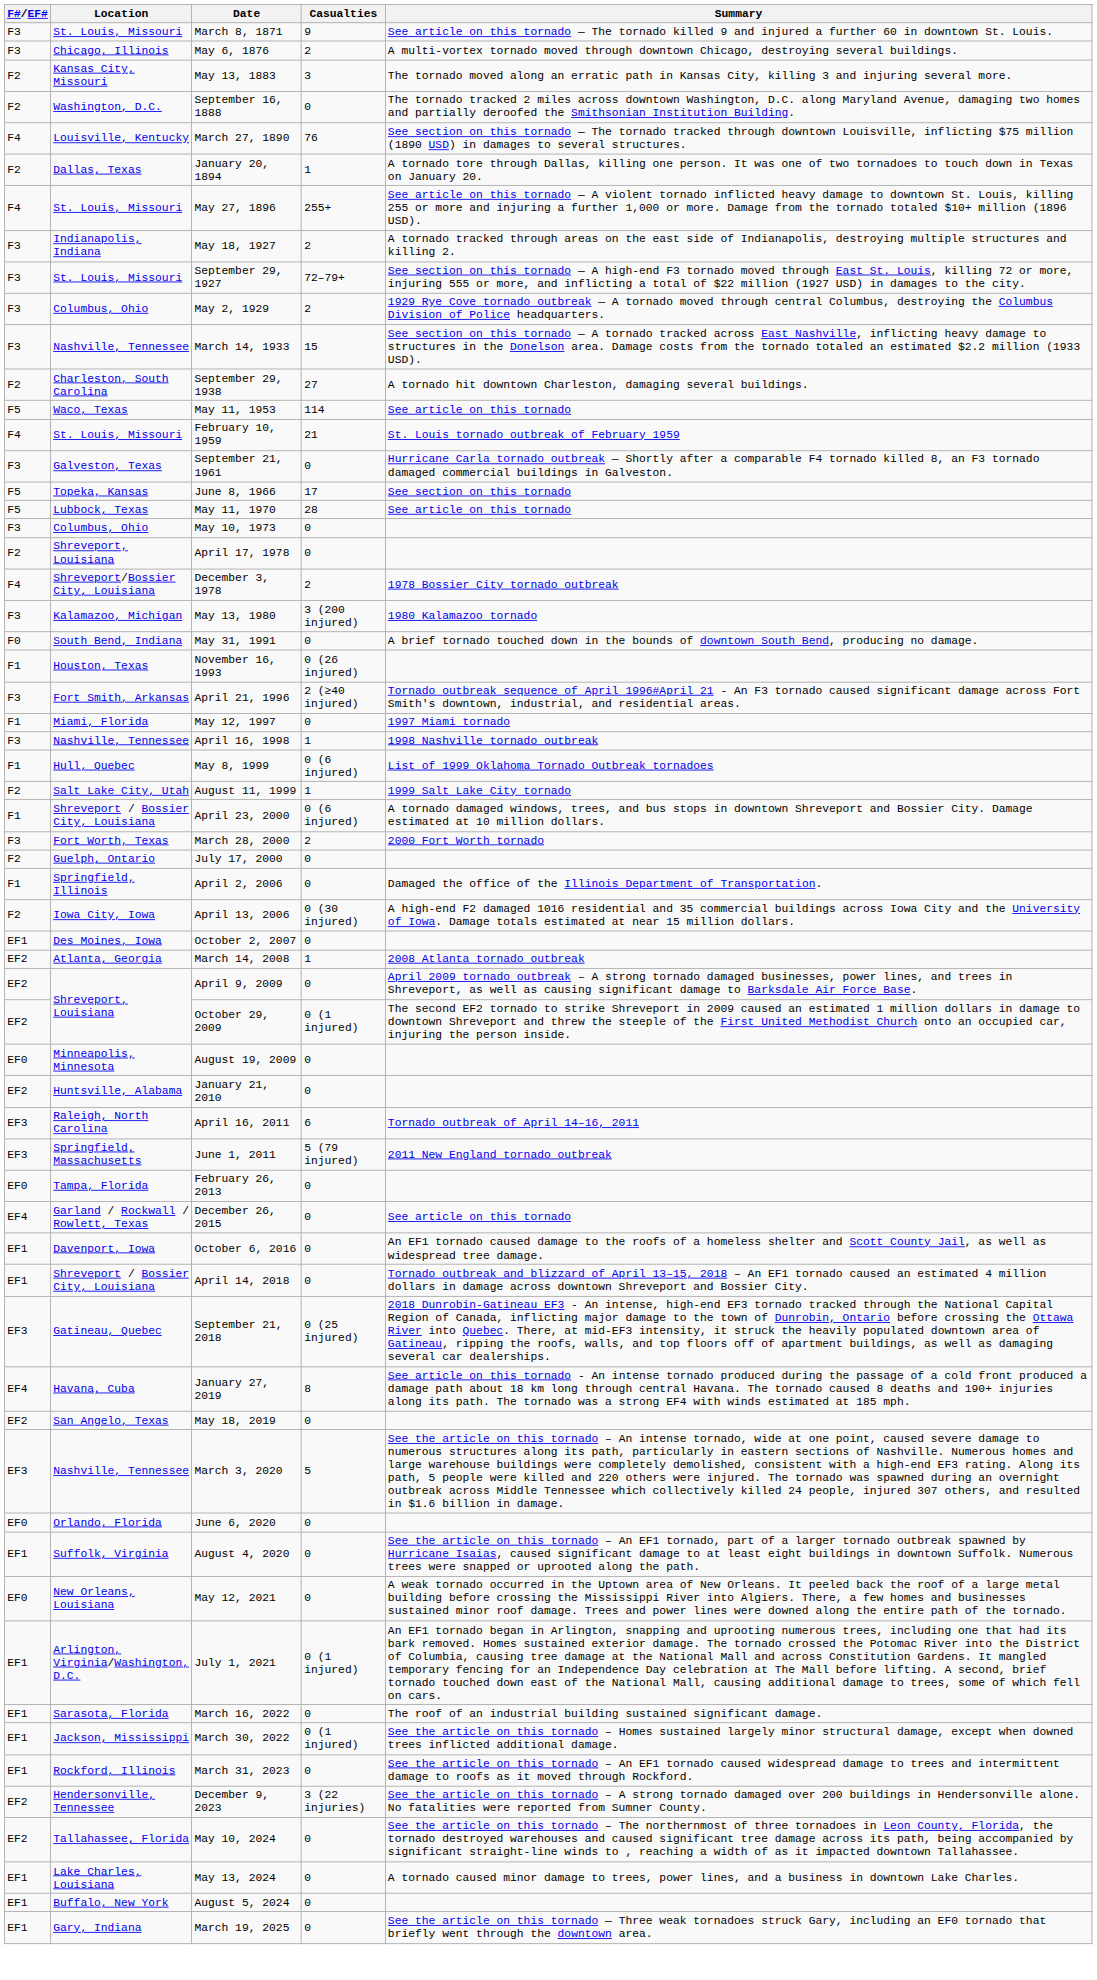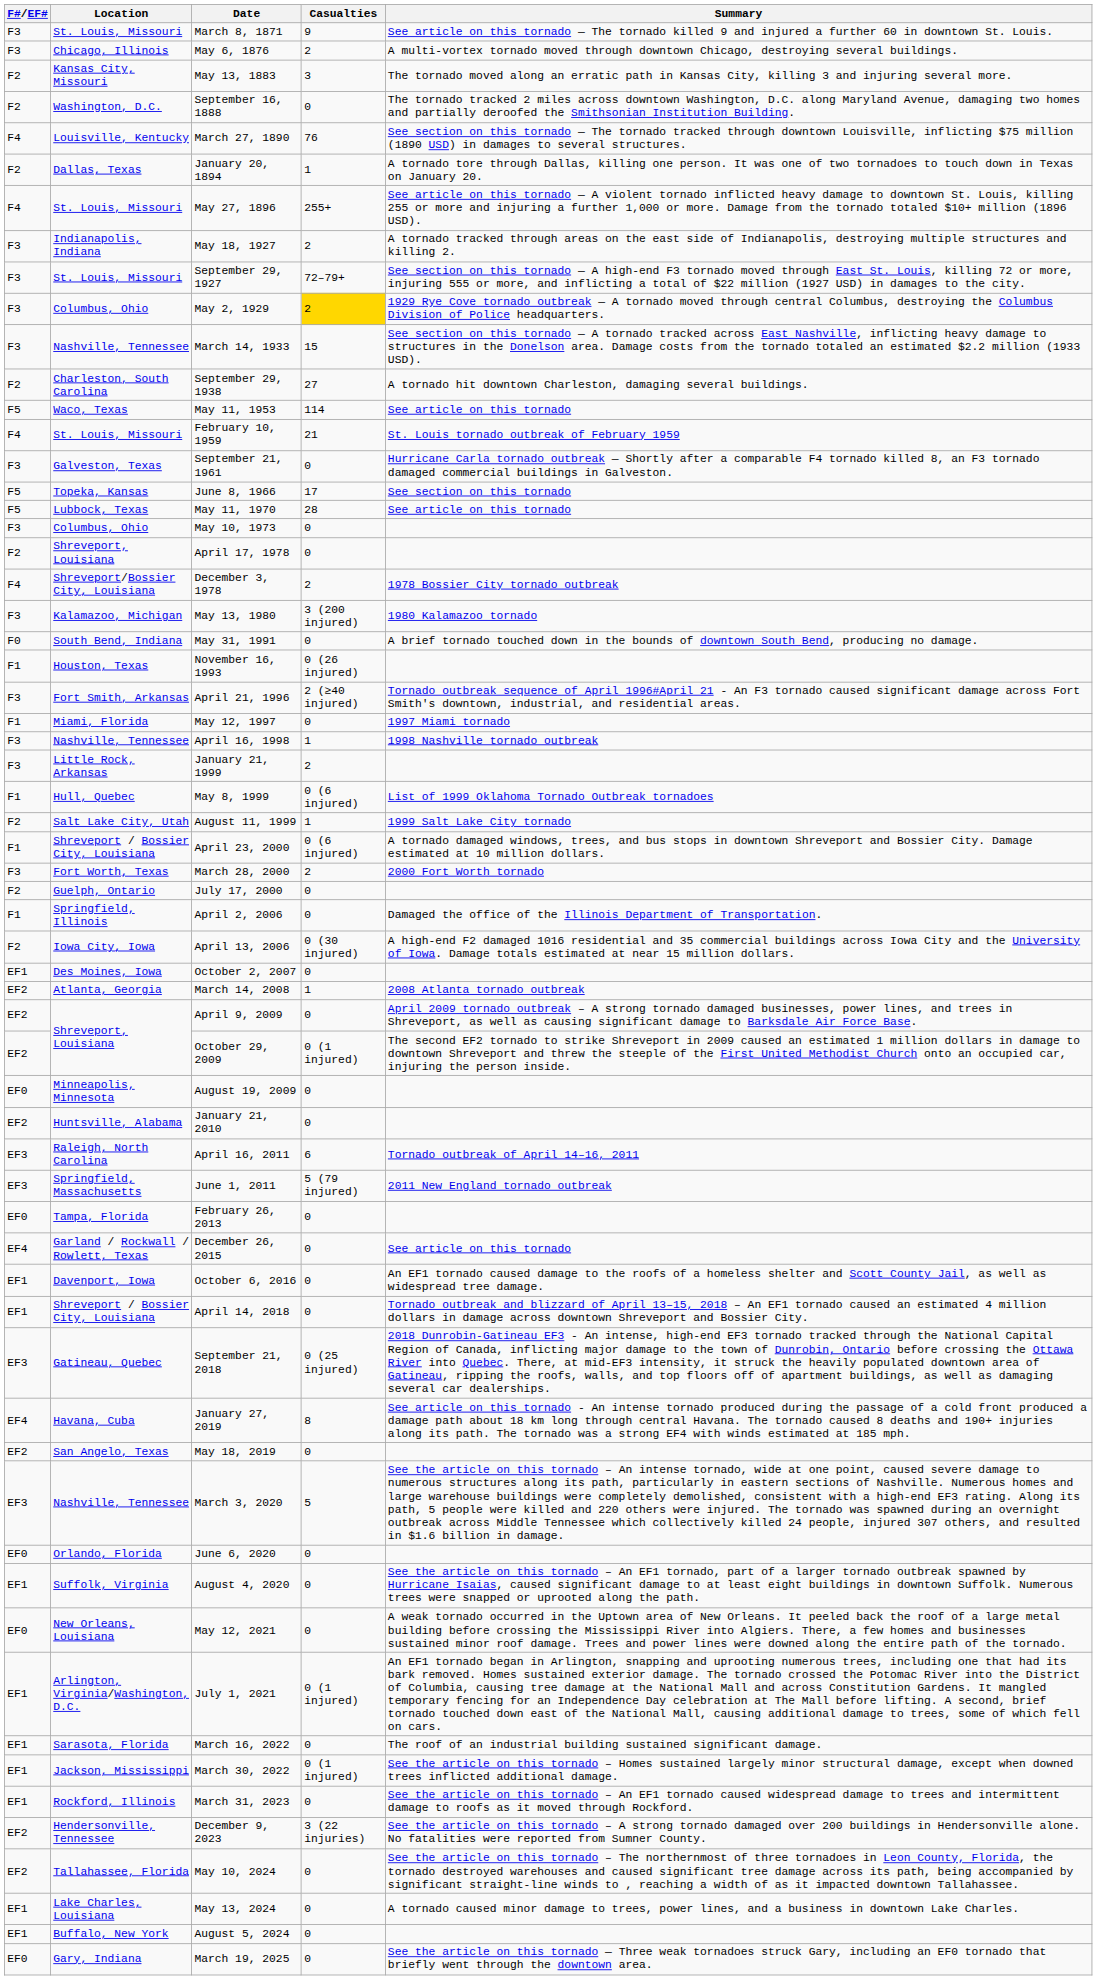 <table class="wikitable sortable">
 <tr>
 <th><a href='#'>F#</a>/<a href='#'>EF#</a></th>
 <th width=150>Location</th>
 <th width=120>Date</th>
 <th width=90>Casualties</th>
 <th class="unsortable">Summary</th>
 </tr>
 <tr>
 <td>F3</td>
 <td><a href='#'>St. Louis, Missouri</a></td>
 <td>March 8, 1871</td>
 <td>9</td>
 <td><a href='#'>See article on this tornado</a> — The tornado killed 9 and injured a further 60 in downtown St. Louis.</td>
 </tr>
 <tr>
 <td>F3</td>
 <td><a href='#'>Chicago, Illinois</a></td>
 <td>May 6, 1876</td>
 <td>2</td>
 <td>A multi-vortex tornado moved through downtown Chicago, destroying several buildings.</td>
 </tr>
 <tr>
 <td>F2</td>
 <td><a href='#'>Kansas City, Missouri</a></td>
 <td>May 13, 1883</td>
 <td>3</td>
 <td>The tornado moved along an erratic path in Kansas City, killing 3 and injuring several more.</td>
 </tr>
 <tr>
 <td>F2</td>
 <td><a href='#'>Washington, D.C.</a></td>
 <td>September 16, 1888</td>
 <td>0</td>
 <td>The tornado tracked 2 miles across downtown Washington, D.C. along Maryland Avenue, damaging two homes and partially deroofed the <a href='#'>Smithsonian Institution Building</a>.</td>
 </tr>
 <tr>
 <td>F4</td>
 <td><a href='#'>Louisville, Kentucky</a></td>
 <td>March 27, 1890</td>
 <td>76</td>
 <td><a href='#'>See section on this tornado</a> — The tornado tracked  through downtown Louisville, inflicting $75 million (1890 <a href='#'>USD</a>) in damages to several structures.</td>
 </tr>
 <tr>
 <td>F2</td>
 <td><a href='#'>Dallas, Texas</a></td>
 <td>January 20, 1894</td>
 <td>1</td>
 <td>A tornado tore through Dallas, killing one person. It was one of two tornadoes to touch down in Texas on January 20.</td>
 </tr>
 <tr>
 <td>F4</td>
 <td><a href='#'>St. Louis, Missouri</a></td>
 <td>May 27, 1896</td>
 <td>255+</td>
 <td><a href='#'>See article on this tornado</a> — A violent tornado inflicted heavy damage to downtown St. Louis, killing 255 or more and injuring a further 1,000 or more. Damage from the tornado totaled $10+ million (1896 USD).</td>
 </tr>
 <tr>
 <td>F3</td>
 <td><a href='#'>Indianapolis, Indiana</a></td>
 <td>May 18, 1927</td>
 <td>2</td>
 <td>A tornado tracked through areas on the east side of Indianapolis, destroying multiple structures and killing 2.</td>
 </tr>
 <tr>
 <td>F3</td>
 <td><a href='#'>St. Louis, Missouri</a></td>
 <td>September 29, 1927</td>
 <td>72–79+</td>
 <td><a href='#'>See section on this tornado</a> — A high-end F3 tornado moved through <a href='#'>East St. Louis</a>, killing 72 or more, injuring 555 or more, and inflicting a total of $22 million (1927 USD) in damages to the city.</td>
 </tr>
 <tr>
 <td>F3</td>
 <td><a href='#'>Columbus, Ohio</a></td>
 <td>May 2, 1929</td>
-<td>2</td>
+<td style="background: gold;">2</td>
 <td><a href='#'>1929 Rye Cove tornado outbreak</a> — A tornado moved through central Columbus, destroying the <a href='#'>Columbus Division of Police</a> headquarters.</td>
 </tr>
 <tr>
 <td>F3</td>
 <td><a href='#'>Nashville, Tennessee</a></td>
 <td>March 14, 1933</td>
 <td>15</td>
 <td><a href='#'>See section on this tornado</a> — A tornado tracked across <a href='#'>East Nashville</a>, inflicting heavy damage to structures in the <a href='#'>Donelson</a> area. Damage costs from the tornado totaled an estimated $2.2 million (1933 USD).</td>
 </tr>
 <tr>
 <td>F2</td>
 <td><a href='#'>Charleston, South Carolina</a></td>
 <td>September 29, 1938</td>
 <td>27</td>
 <td>A tornado hit downtown Charleston, damaging several buildings.</td>
 </tr>
 <tr>
 <td>F5</td>
 <td><a href='#'>Waco, Texas</a></td>
 <td>May 11, 1953</td>
 <td>114</td>
 <td><a href='#'>See article on this tornado</a></td>
 </tr>
 <tr>
 <td>F4</td>
 <td><a href='#'>St. Louis, Missouri</a></td>
 <td>February 10, 1959</td>
 <td>21</td>
 <td><a href='#'>St. Louis tornado outbreak of February 1959</a></td>
 </tr>
 <tr>
 <td>F3</td>
 <td><a href='#'>Galveston, Texas</a></td>
 <td>September 21, 1961</td>
 <td>0</td>
 <td><a href='#'>Hurricane Carla tornado outbreak</a> — Shortly after a comparable F4 tornado killed 8, an F3 tornado damaged commercial buildings in Galveston.</td>
 </tr>
 <tr>
 <td>F5</td>
 <td><a href='#'>Topeka, Kansas</a></td>
 <td>June 8, 1966</td>
 <td>17</td>
 <td><a href='#'>See section on this tornado</a></td>
 </tr>
 <tr>
 <td>F5</td>
 <td><a href='#'>Lubbock, Texas</a></td>
 <td>May 11, 1970</td>
 <td>28</td>
 <td><a href='#'>See article on this tornado</a></td>
 </tr>
 <tr>
 <td>F3</td>
 <td><a href='#'>Columbus, Ohio</a></td>
 <td>May 10, 1973</td>
 <td>0</td>
 <td></td>
 </tr>
 <tr>
 <td>F2</td>
 <td><a href='#'>Shreveport, Louisiana</a></td>
 <td>April 17, 1978</td>
 <td>0</td>
 <td></td>
 </tr>
 <tr>
 <td>F4</td>
 <td><a href='#'>Shreveport</a>/<a href='#'>Bossier City, Louisiana</a></td>
 <td>December 3, 1978</td>
 <td>2</td>
 <td><a href='#'>1978 Bossier City tornado outbreak</a></td>
 </tr>
 <tr>
 <td>F3</td>
 <td><a href='#'>Kalamazoo, Michigan</a></td>
 <td>May 13, 1980</td>
 <td>3 (200 injured)</td>
 <td><a href='#'>1980 Kalamazoo tornado</a></td>
 </tr>
 <tr>
 <td>F0</td>
 <td><a href='#'>South Bend, Indiana</a></td>
 <td>May 31, 1991</td>
 <td>0</td>
 <td>A brief tornado touched down in the bounds of <a href='#'>downtown South Bend</a>, producing no damage.</td>
 </tr>
 <tr>
 <td>F1</td>
 <td><a href='#'>Houston, Texas</a></td>
 <td>November 16, 1993</td>
 <td>0 (26 injured)</td>
 <td></td>
 </tr>
 <tr>
 <td>F3</td>
 <td><a href='#'>Fort Smith, Arkansas</a></td>
 <td>April 21, 1996</td>
 <td>2 (≥40 injured)</td>
 <td><a href='#'>Tornado outbreak sequence of April 1996#April 21</a> - An F3 tornado caused significant damage across Fort Smith's downtown, industrial, and residential areas.</td>
 </tr>
 <tr>
 <td>F1</td>
 <td><a href='#'>Miami, Florida</a></td>
 <td>May 12, 1997</td>
 <td>0</td>
 <td><a href='#'>1997 Miami tornado</a></td>
 </tr>
 <tr>
 <td>F3</td>
 <td><a href='#'>Nashville, Tennessee</a></td>
 <td>April 16, 1998</td>
 <td>1</td>
 <td><a href='#'>1998 Nashville tornado outbreak</a></td>
+</tr>
+<tr>
+<td>F3</td>
+<td><a href='#'>Little Rock, Arkansas</a></td>
+<td>January 21, 1999</td>
+<td>2</td>
+<td></td>
 </tr>
 <tr>
 <td>F1</td>
 <td><a href='#'>Hull, Quebec</a></td>
 <td>May 8, 1999</td>
 <td>0 (6 injured)</td>
 <td><a href='#'>List of 1999 Oklahoma Tornado Outbreak tornadoes</a></td>
 </tr>
 <tr>
 <td>F2</td>
 <td><a href='#'>Salt Lake City, Utah</a></td>
 <td>August 11, 1999</td>
 <td>1</td>
 <td><a href='#'>1999 Salt Lake City tornado</a></td>
 </tr>
 <tr>
 <td>F1</td>
 <td><a href='#'>Shreveport</a> / <a href='#'>Bossier City, Louisiana</a></td>
 <td>April 23, 2000</td>
 <td>0 (6 injured)</td>
 <td>A tornado damaged windows, trees, and bus stops in downtown Shreveport and Bossier City. Damage estimated at 10 million dollars.</td>
 </tr>
 <tr>
 <td>F3</td>
 <td><a href='#'>Fort Worth, Texas</a></td>
 <td>March 28, 2000</td>
 <td>2</td>
 <td><a href='#'>2000 Fort Worth tornado</a></td>
 </tr>
 <tr>
 <td>F2</td>
 <td><a href='#'>Guelph, Ontario</a></td>
 <td>July 17, 2000</td>
 <td>0</td>
 <td></td>
 </tr>
 <tr>
 <td>F1</td>
 <td><a href='#'>Springfield, Illinois</a></td>
 <td>April 2, 2006</td>
 <td>0</td>
 <td>Damaged the office of the <a href='#'>Illinois Department of Transportation</a>.</td>
 </tr>
 <tr>
 <td>F2</td>
 <td><a href='#'>Iowa City, Iowa</a></td>
 <td>April 13, 2006</td>
 <td>0 (30 injured)</td>
 <td>A high-end F2 damaged 1016 residential and 35 commercial buildings across Iowa City and the <a href='#'>University of Iowa</a>. Damage totals estimated at near 15 million dollars.</td>
 </tr>
 <tr>
 <td>EF1</td>
 <td><a href='#'>Des Moines, Iowa</a></td>
 <td>October 2, 2007</td>
 <td>0</td>
 <td></td>
 </tr>
 <tr>
 <td>EF2</td>
 <td><a href='#'>Atlanta, Georgia</a></td>
 <td>March 14, 2008</td>
 <td>1</td>
 <td><a href='#'>2008 Atlanta tornado outbreak</a></td>
 </tr>
 <tr>
 <td>EF2</td>
 <td rowspan="2"><a href='#'>Shreveport, Louisiana</a></td>
 <td>April 9, 2009</td>
 <td>0</td>
 <td><a href='#'>April 2009 tornado outbreak</a> – A strong tornado damaged businesses, power lines, and trees in Shreveport, as well as causing significant damage to <a href='#'>Barksdale Air Force Base</a>.</td>
 </tr>
 <tr>
 <td>EF2</td>
 <td>October 29, 2009</td>
 <td>0 (1 injured)</td>
 <td>The second EF2 tornado to strike Shreveport in 2009 caused an estimated 1 million dollars in damage to downtown Shreveport and threw the steeple of the <a href='#'>First United Methodist Church</a> onto an occupied car, injuring the person inside.</td>
 </tr>
 <tr>
 <td>EF0</td>
 <td><a href='#'>Minneapolis, Minnesota</a></td>
 <td>August 19, 2009</td>
 <td>0</td>
 <td></td>
 </tr>
 <tr>
 <td>EF2</td>
 <td><a href='#'>Huntsville, Alabama</a></td>
 <td>January 21, 2010</td>
 <td>0</td>
 <td></td>
 </tr>
 <tr>
 <td>EF3</td>
 <td><a href='#'>Raleigh, North Carolina</a></td>
 <td>April 16, 2011</td>
 <td>6</td>
 <td><a href='#'>Tornado outbreak of April 14–16, 2011</a></td>
 </tr>
 <tr>
 <td>EF3</td>
 <td><a href='#'>Springfield, Massachusetts</a></td>
 <td>June 1, 2011</td>
 <td>5 (79 injured)</td>
 <td><a href='#'>2011 New England tornado outbreak</a></td>
 </tr>
 <tr>
 <td>EF0</td>
 <td><a href='#'>Tampa, Florida</a></td>
 <td>February 26, 2013</td>
 <td>0</td>
 <td></td>
 </tr>
 <tr>
 <td>EF4</td>
 <td><a href='#'>Garland</a> / <a href='#'>Rockwall</a>  / <a href='#'>Rowlett, Texas</a></td>
 <td>December 26, 2015</td>
 <td>0</td>
 <td><a href='#'>See article on this tornado</a></td>
 </tr>
 <tr>
 <td>EF1</td>
 <td><a href='#'>Davenport, Iowa</a></td>
 <td>October 6, 2016</td>
 <td>0</td>
 <td>An EF1 tornado caused damage to the roofs of a homeless shelter and <a href='#'>Scott County Jail</a>, as well as widespread tree damage.</td>
 </tr>
 <tr>
 <td>EF1</td>
 <td><a href='#'>Shreveport</a> / <a href='#'>Bossier City, Louisiana</a></td>
 <td>April 14, 2018</td>
 <td>0</td>
 <td><a href='#'>Tornado outbreak and blizzard of April 13–15, 2018</a> – An EF1 tornado caused an estimated 4 million dollars in damage across downtown Shreveport and Bossier City.</td>
 </tr>
 <tr>
 <td>EF3</td>
 <td><a href='#'>Gatineau, Quebec</a></td>
 <td>September 21, 2018</td>
 <td>0 (25 injured)</td>
 <td><a href='#'>2018 Dunrobin-Gatineau EF3</a> - An intense, high-end EF3 tornado tracked through the National Capital Region of Canada, inflicting major damage to the town of <a href='#'>Dunrobin, Ontario</a> before crossing the <a href='#'>Ottawa River</a> into <a href='#'>Quebec</a>. There, at mid-EF3 intensity, it struck the heavily populated downtown area of <a href='#'>Gatineau</a>, ripping the roofs, walls, and top floors off of apartment buildings, as well as damaging several car dealerships.</td>
 </tr>
 <tr>
 <td>EF4</td>
 <td><a href='#'>Havana, Cuba</a></td>
 <td>January 27, 2019</td>
 <td>8</td>
 <td><a href='#'>See article on this tornado</a> - An intense tornado produced during the passage of a cold front produced a damage path about 18 km long through central Havana. The tornado caused 8 deaths and 190+ injuries along its path. The tornado was a strong EF4 with winds estimated at 185 mph.</td>
 </tr>
 <tr>
 <td>EF2</td>
 <td><a href='#'>San Angelo, Texas</a></td>
 <td>May 18, 2019</td>
 <td>0</td>
 <td></td>
 </tr>
 <tr>
 <td>EF3</td>
 <td><a href='#'>Nashville, Tennessee</a></td>
 <td>March 3, 2020</td>
 <td>5</td>
 <td><a href='#'>See the article on this tornado</a> – An intense tornado,  wide at one point, caused severe damage to numerous structures along its path, particularly in eastern sections of Nashville. Numerous homes and large warehouse buildings were completely demolished, consistent with a high-end EF3 rating. Along its  path, 5 people were killed and 220 others were injured. The tornado was spawned during an overnight outbreak across Middle Tennessee which collectively killed 24 people, injured 307 others, and resulted in $1.6 billion in damage.</td>
 </tr>
 <tr>
 <td>EF0</td>
 <td><a href='#'>Orlando, Florida</a></td>
 <td>June 6, 2020</td>
 <td>0</td>
 <td></td>
 </tr>
 <tr>
 <td>EF1</td>
 <td><a href='#'>Suffolk, Virginia</a></td>
 <td>August 4, 2020</td>
 <td>0</td>
 <td><a href='#'>See the article on this tornado</a> – An EF1 tornado, part of a larger tornado outbreak spawned by <a href='#'>Hurricane Isaias</a>, caused significant damage to at least eight buildings in downtown Suffolk. Numerous trees were snapped or uprooted along the path.</td>
 </tr>
 <tr>
 <td>EF0</td>
 <td><a href='#'>New Orleans, Louisiana</a></td>
 <td>May 12, 2021</td>
 <td>0</td>
 <td>A weak tornado occurred in the Uptown area of New Orleans. It peeled back the roof of a large metal building before crossing the Mississippi River into Algiers. There, a few homes and businesses sustained minor roof damage. Trees and power lines were downed along the entire path of the tornado.</td>
 </tr>
 <tr>
 <td>EF1</td>
 <td><a href='#'>Arlington, Virginia</a>/<a href='#'>Washington, D.C.</a></td>
 <td>July 1, 2021</td>
 <td>0 (1 injured)</td>
 <td>An EF1 tornado began in Arlington, snapping and uprooting numerous trees, including one that had its bark removed. Homes sustained exterior damage. The tornado crossed the Potomac River into the District of Columbia, causing tree damage at the National Mall and across Constitution Gardens. It mangled temporary fencing for an Independence Day celebration at The Mall before lifting. A second, brief tornado touched down east of the National Mall, causing additional damage to trees, some of which fell on cars.</td>
 </tr>
 <tr>
 <td>EF1</td>
 <td><a href='#'>Sarasota, Florida</a></td>
 <td>March 16, 2022</td>
 <td>0</td>
 <td>The roof of an industrial building sustained significant damage.</td>
 </tr>
 <tr>
 <td>EF1</td>
 <td><a href='#'>Jackson, Mississippi</a></td>
 <td>March 30, 2022</td>
 <td>0 (1 injured)</td>
 <td><a href='#'>See the article on this tornado</a> – Homes sustained largely minor structural damage, except when downed trees inflicted additional damage.</td>
 </tr>
 <tr>
 <td>EF1</td>
 <td><a href='#'>Rockford, Illinois</a></td>
 <td>March 31, 2023</td>
 <td>0</td>
 <td><a href='#'>See the article on this tornado</a> – An EF1 tornado caused widespread damage to trees and intermittent damage to roofs as it moved through Rockford.</td>
 </tr>
 <tr>
 <td>EF2</td>
 <td><a href='#'>Hendersonville, Tennessee</a></td>
 <td>December 9, 2023</td>
 <td>3 (22 injuries)</td>
 <td><a href='#'>See the article on this tornado</a> – A strong tornado damaged over 200 buildings in Hendersonville alone. No fatalities were reported from Sumner County.</td>
 </tr>
 <tr>
 <td>EF2</td>
 <td><a href='#'>Tallahassee, Florida</a></td>
 <td>May 10, 2024</td>
 <td>0</td>
 <td><a href='#'>See the article on this tornado</a> – The northernmost of three tornadoes in <a href='#'>Leon County, Florida</a>, the tornado destroyed warehouses and caused significant tree damage across its  path, being accompanied by significant straight-line winds to , reaching a width of  as it impacted downtown Tallahassee.</td>
 </tr>
 <tr>
 <td>EF1</td>
 <td><a href='#'>Lake Charles, Louisiana</a></td>
 <td>May 13, 2024</td>
 <td>0</td>
 <td>A tornado caused minor damage to trees, power lines, and a business in downtown Lake Charles.</td>
 </tr>
 <tr>
 <td>EF1</td>
 <td><a href='#'>Buffalo, New York</a></td>
 <td>August 5, 2024</td>
 <td>0</td>
 <td></td>
 </tr>
 <tr>
-<td>EF1</td>
+<td>EF0</td>
 <td><a href='#'>Gary, Indiana</a></td>
 <td>March 19, 2025</td>
 <td>0</td>
 <td><a href='#'>See the article on this tornado</a> — Three weak tornadoes struck Gary, including an EF0 tornado that briefly went through the <a href='#'>downtown</a> area.</td>
 </tr>
 </table>
